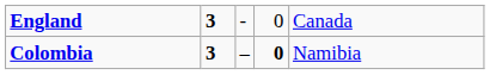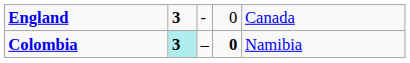 <table class="wikitable">
 <tr>
 <td width=150> <strong><a href='#'>England</a></strong></td>
 <td style="width:20px; text-align:left;"><strong>3</strong></td>
 <td>-</td>
 <td style="width:20px; text-align:right;">0</td>
 <td width=150> <a href='#'>Canada</a></td>
 </tr>
 <tr>
 <td> <strong><a href='#'>Colombia</a></strong></td>
-<td style="text-align:left;"><strong>3</strong></td>
+<td style="background: paleturquoise; text-align:left;"><strong>3</strong></td>
 <td>–</td>
 <td style="text-align:right;"><strong>0</strong></td>
 <td> <a href='#'>Namibia</a></td>
 </tr>
 </table>
